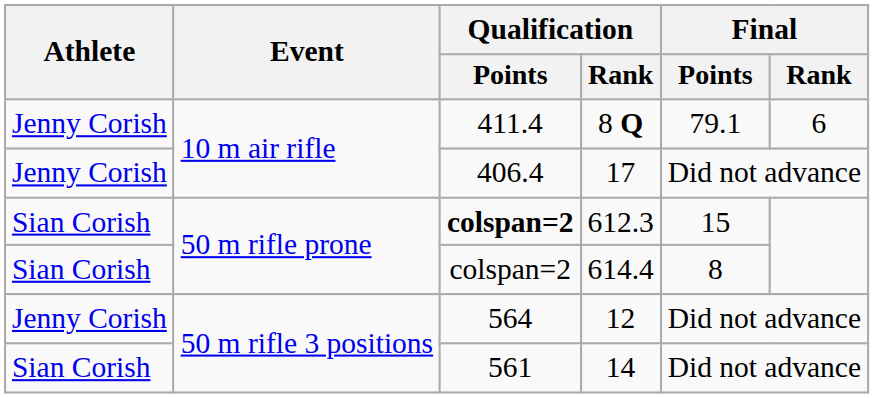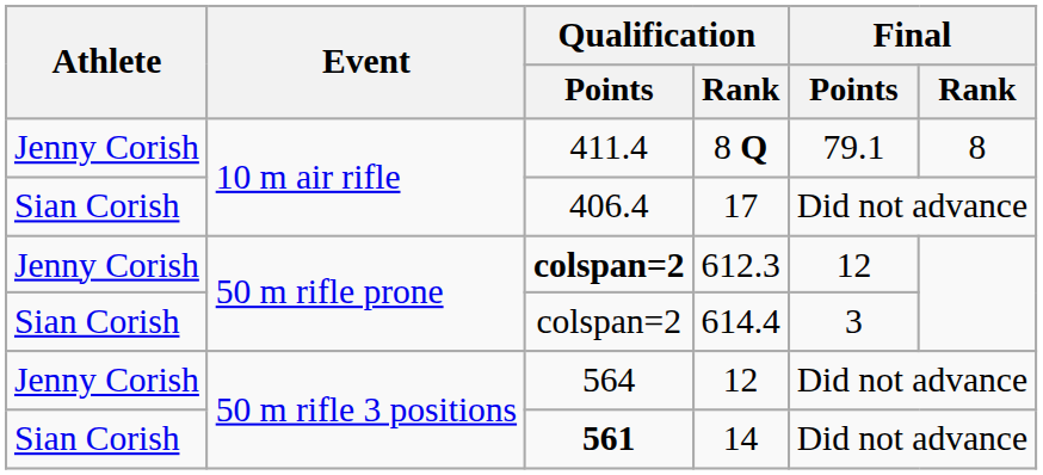 <table class="wikitable" style="font-size:90%;">
 <tr>
 <th rowspan=2>Athlete</th>
 <th rowspan=2>Event</th>
 <th colspan=2>Qualification</th>
 <th colspan=2>Final</th>
 </tr>
 <tr style="font-size:95%">
 <th>Points</th>
 <th>Rank</th>
 <th>Points</th>
 <th>Rank</th>
 </tr>
 <tr align=center>
 <td align=left><a href='#'>Jenny Corish</a></td>
 <td align=left rowspan=2><a href='#'>10 m air rifle</a></td>
 <td>411.4</td>
 <td>8 <strong>Q</strong></td>
 <td>79.1</td>
-<td>6</td>
+<td>8</td>
 </tr>
 <tr align=center>
-<td align=left><a href='#'>Jenny Corish</a></td>
+<td align=left><a href='#'>Sian Corish</a></td>
 <td>406.4</td>
 <td>17</td>
 <td colspan=2>Did not advance</td>
 </tr>
 <tr align=center>
-<td align=left><a href='#'>Sian Corish</a></td>
+<td align=left><a href='#'>Jenny Corish</a></td>
 <td align=left rowspan=2><a href='#'>50 m rifle prone</a></td>
 <td><strong>colspan=2 </strong></td>
 <td>612.3</td>
-<td>15</td>
+<td>12</td>
 </tr>
 <tr align=center>
 <td align=left><a href='#'>Sian Corish</a></td>
 <td>colspan=2 </td>
 <td>614.4</td>
-<td>8</td>
+<td>3</td>
 </tr>
 <tr align=center>
 <td align=left><a href='#'>Jenny Corish</a></td>
 <td align=left rowspan=2><a href='#'>50 m rifle 3 positions</a></td>
 <td>564</td>
 <td>12</td>
 <td colspan=2>Did not advance</td>
 </tr>
 <tr align=center>
 <td align=left><a href='#'>Sian Corish</a></td>
-<td>561</td>
+<td><strong>561</strong></td>
 <td>14</td>
 <td colspan=2>Did not advance</td>
 </tr>
 </table>
